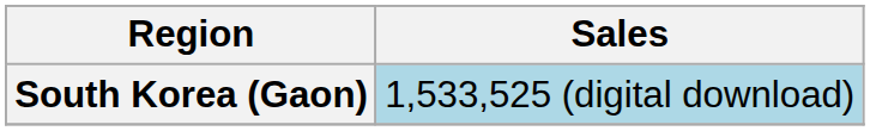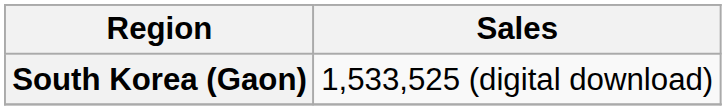 <table class="wikitable plainrowheaders">
 <tr>
 <th>Region</th>
 <th>Sales</th>
 </tr>
 <tr>
 <th scope="row">South Korea (Gaon)</th>
-<td style="background: lightblue;">1,533,525 (digital download)</td>
+<td>1,533,525 (digital download)</td>
 </tr>
 <tr>
 </tr>
 </table>
